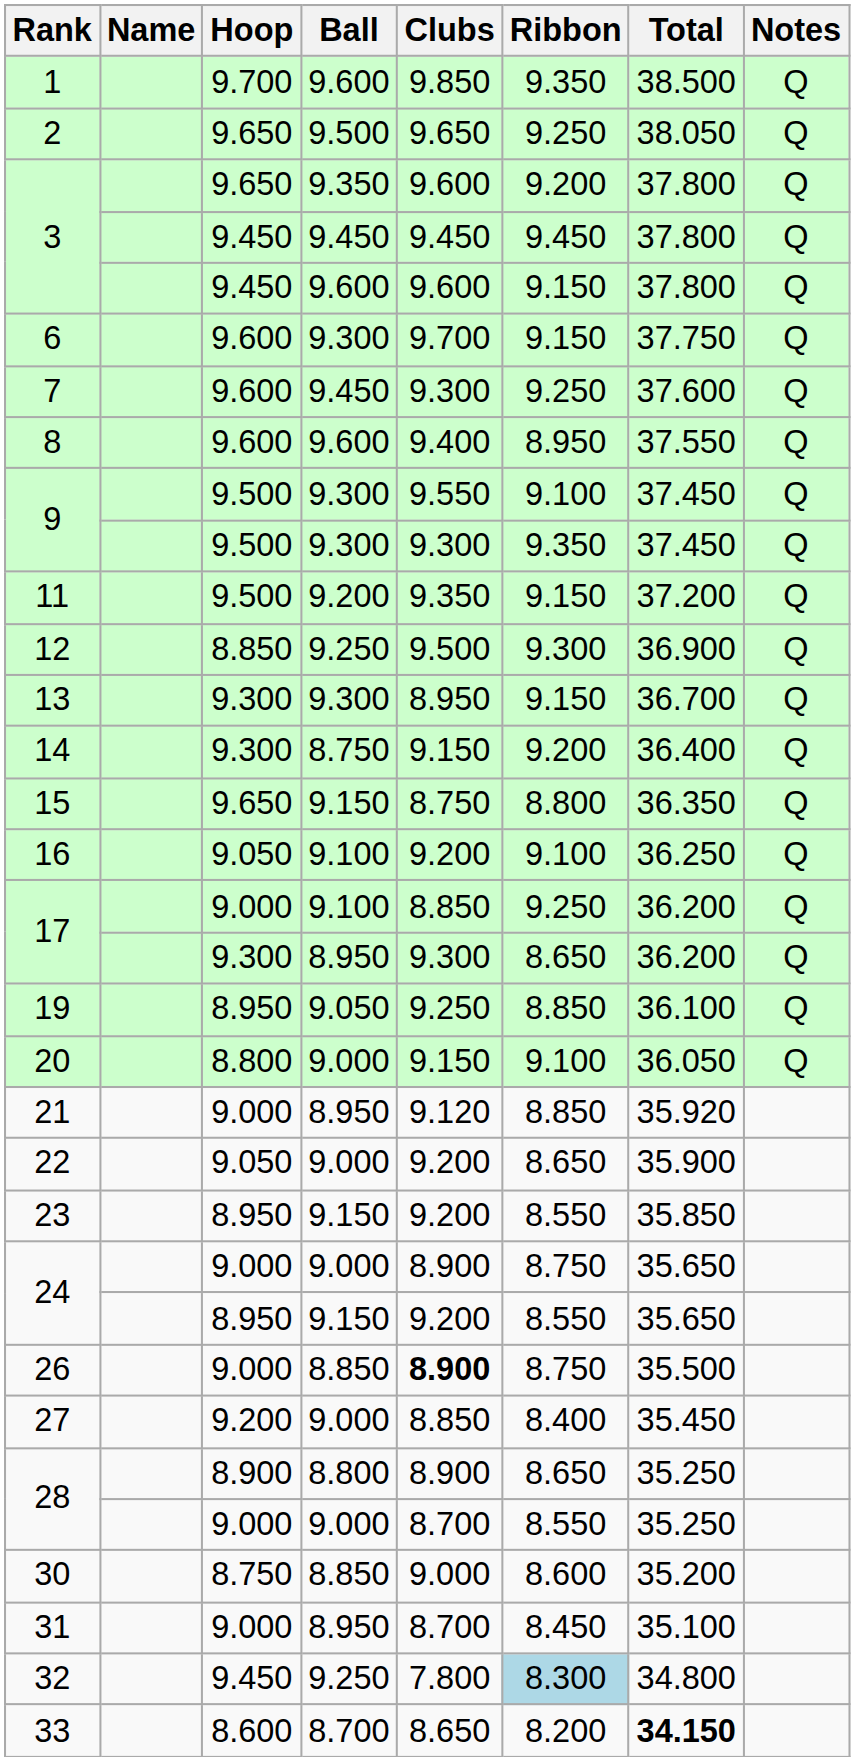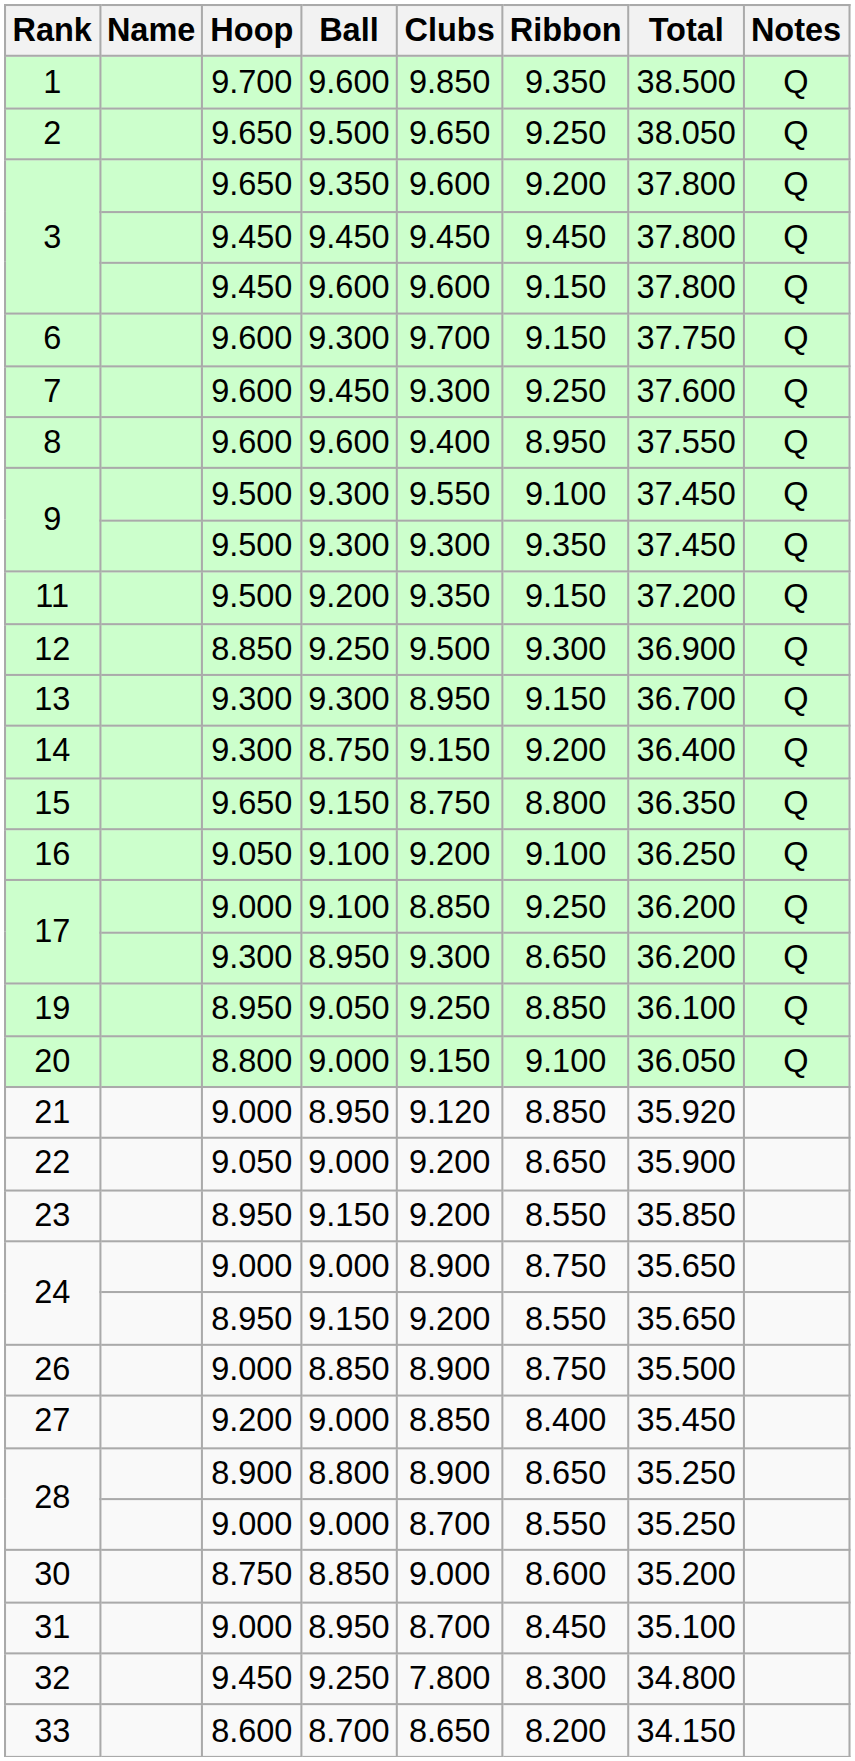 <table class="wikitable" style="text-align:center">
 <tr>
 <th>Rank</th>
 <th>Name</th>
 <th>Hoop</th>
 <th>Ball</th>
 <th>Clubs</th>
 <th>Ribbon</th>
 <th>Total</th>
 <th>Notes</th>
 </tr>
 <tr bgcolor=ccffcc>
 <td>1</td>
 <td align=left></td>
 <td>9.700</td>
 <td>9.600</td>
 <td>9.850</td>
 <td>9.350</td>
 <td>38.500</td>
 <td>Q</td>
 </tr>
 <tr bgcolor=ccffcc>
 <td>2</td>
 <td align=left></td>
 <td>9.650</td>
 <td>9.500</td>
 <td>9.650</td>
 <td>9.250</td>
 <td>38.050</td>
 <td>Q</td>
 </tr>
 <tr bgcolor=ccffcc>
 <td rowspan=3>3</td>
 <td align=left></td>
 <td>9.650</td>
 <td>9.350</td>
 <td>9.600</td>
 <td>9.200</td>
 <td>37.800</td>
 <td>Q</td>
 </tr>
 <tr bgcolor=ccffcc>
 <td align=left></td>
 <td>9.450</td>
 <td>9.450</td>
 <td>9.450</td>
 <td>9.450</td>
 <td>37.800</td>
 <td>Q</td>
 </tr>
 <tr bgcolor=ccffcc>
 <td align=left></td>
 <td>9.450</td>
 <td>9.600</td>
 <td>9.600</td>
 <td>9.150</td>
 <td>37.800</td>
 <td>Q</td>
 </tr>
 <tr bgcolor=ccffcc>
 <td>6</td>
 <td align=left></td>
 <td>9.600</td>
 <td>9.300</td>
 <td>9.700</td>
 <td>9.150</td>
 <td>37.750</td>
 <td>Q</td>
 </tr>
 <tr bgcolor=ccffcc>
 <td>7</td>
 <td align=left></td>
 <td>9.600</td>
 <td>9.450</td>
 <td>9.300</td>
 <td>9.250</td>
 <td>37.600</td>
 <td>Q</td>
 </tr>
 <tr bgcolor=ccffcc>
 <td>8</td>
 <td align=left></td>
 <td>9.600</td>
 <td>9.600</td>
 <td>9.400</td>
 <td>8.950</td>
 <td>37.550</td>
 <td>Q</td>
 </tr>
 <tr bgcolor=ccffcc>
 <td rowspan=2>9</td>
 <td align=left></td>
 <td>9.500</td>
 <td>9.300</td>
 <td>9.550</td>
 <td>9.100</td>
 <td>37.450</td>
 <td>Q</td>
 </tr>
 <tr bgcolor=ccffcc>
 <td align=left></td>
 <td>9.500</td>
 <td>9.300</td>
 <td>9.300</td>
 <td>9.350</td>
 <td>37.450</td>
 <td>Q</td>
 </tr>
 <tr bgcolor=ccffcc>
 <td>11</td>
 <td align=left></td>
 <td>9.500</td>
 <td>9.200</td>
 <td>9.350</td>
 <td>9.150</td>
 <td>37.200</td>
 <td>Q</td>
 </tr>
 <tr bgcolor=ccffcc>
 <td>12</td>
 <td align=left></td>
 <td>8.850</td>
 <td>9.250</td>
 <td>9.500</td>
 <td>9.300</td>
 <td>36.900</td>
 <td>Q</td>
 </tr>
 <tr bgcolor=ccffcc>
 <td>13</td>
 <td align=left></td>
 <td>9.300</td>
 <td>9.300</td>
 <td>8.950</td>
 <td>9.150</td>
 <td>36.700</td>
 <td>Q</td>
 </tr>
 <tr bgcolor=ccffcc>
 <td>14</td>
 <td align=left></td>
 <td>9.300</td>
 <td>8.750</td>
 <td>9.150</td>
 <td>9.200</td>
 <td>36.400</td>
 <td>Q</td>
 </tr>
 <tr bgcolor=ccffcc>
 <td>15</td>
 <td align=left></td>
 <td>9.650</td>
 <td>9.150</td>
 <td>8.750</td>
 <td>8.800</td>
 <td>36.350</td>
 <td>Q</td>
 </tr>
 <tr bgcolor=ccffcc>
 <td>16</td>
 <td align=left></td>
 <td>9.050</td>
 <td>9.100</td>
 <td>9.200</td>
 <td>9.100</td>
 <td>36.250</td>
 <td>Q</td>
 </tr>
 <tr bgcolor=ccffcc>
 <td rowspan=2>17</td>
 <td align=left></td>
 <td>9.000</td>
 <td>9.100</td>
 <td>8.850</td>
 <td>9.250</td>
 <td>36.200</td>
 <td>Q</td>
 </tr>
 <tr bgcolor=ccffcc>
 <td align=left></td>
 <td>9.300</td>
 <td>8.950</td>
 <td>9.300</td>
 <td>8.650</td>
 <td>36.200</td>
 <td>Q</td>
 </tr>
 <tr bgcolor=ccffcc>
 <td>19</td>
 <td align=left></td>
 <td>8.950</td>
 <td>9.050</td>
 <td>9.250</td>
 <td>8.850</td>
 <td>36.100</td>
 <td>Q</td>
 </tr>
 <tr bgcolor=ccffcc>
 <td>20</td>
 <td align=left></td>
 <td>8.800</td>
 <td>9.000</td>
 <td>9.150</td>
 <td>9.100</td>
 <td>36.050</td>
 <td>Q</td>
 </tr>
 <tr>
 <td>21</td>
 <td align=left></td>
 <td>9.000</td>
 <td>8.950</td>
 <td>9.120</td>
 <td>8.850</td>
 <td>35.920</td>
 <td></td>
 </tr>
 <tr>
 <td>22</td>
 <td align=left></td>
 <td>9.050</td>
 <td>9.000</td>
 <td>9.200</td>
 <td>8.650</td>
 <td>35.900</td>
 <td></td>
 </tr>
 <tr>
 <td>23</td>
 <td align=left></td>
 <td>8.950</td>
 <td>9.150</td>
 <td>9.200</td>
 <td>8.550</td>
 <td>35.850</td>
 <td></td>
 </tr>
 <tr>
 <td rowspan=2>24</td>
 <td align=left></td>
 <td>9.000</td>
 <td>9.000</td>
 <td>8.900</td>
 <td>8.750</td>
 <td>35.650</td>
 <td></td>
 </tr>
 <tr>
 <td align=left></td>
 <td>8.950</td>
 <td>9.150</td>
 <td>9.200</td>
 <td>8.550</td>
 <td>35.650</td>
 <td></td>
 </tr>
 <tr>
 <td>26</td>
 <td align=left></td>
 <td>9.000</td>
 <td>8.850</td>
-<td><strong>8.900</strong></td>
+<td>8.900</td>
 <td>8.750</td>
 <td>35.500</td>
 <td></td>
 </tr>
 <tr>
 <td>27</td>
 <td align=left></td>
 <td>9.200</td>
 <td>9.000</td>
 <td>8.850</td>
 <td>8.400</td>
 <td>35.450</td>
 <td></td>
 </tr>
 <tr>
 <td rowspan=2>28</td>
 <td align=left></td>
 <td>8.900</td>
 <td>8.800</td>
 <td>8.900</td>
 <td>8.650</td>
 <td>35.250</td>
 <td></td>
 </tr>
 <tr>
 <td align=left></td>
 <td>9.000</td>
 <td>9.000</td>
 <td>8.700</td>
 <td>8.550</td>
 <td>35.250</td>
 <td></td>
 </tr>
 <tr>
 <td>30</td>
 <td align=left></td>
 <td>8.750</td>
 <td>8.850</td>
 <td>9.000</td>
 <td>8.600</td>
 <td>35.200</td>
 <td></td>
 </tr>
 <tr>
 <td>31</td>
 <td align=left></td>
 <td>9.000</td>
 <td>8.950</td>
 <td>8.700</td>
 <td>8.450</td>
 <td>35.100</td>
 <td></td>
 </tr>
 <tr>
 <td>32</td>
 <td align=left></td>
 <td>9.450</td>
 <td>9.250</td>
 <td>7.800</td>
-<td style="background: lightblue;">8.300</td>
+<td>8.300</td>
 <td>34.800</td>
 <td></td>
 </tr>
 <tr>
 <td>33</td>
 <td align=left></td>
 <td>8.600</td>
 <td>8.700</td>
 <td>8.650</td>
 <td>8.200</td>
-<td><strong>34.150</strong></td>
+<td>34.150</td>
 <td></td>
 </tr>
 </table>
